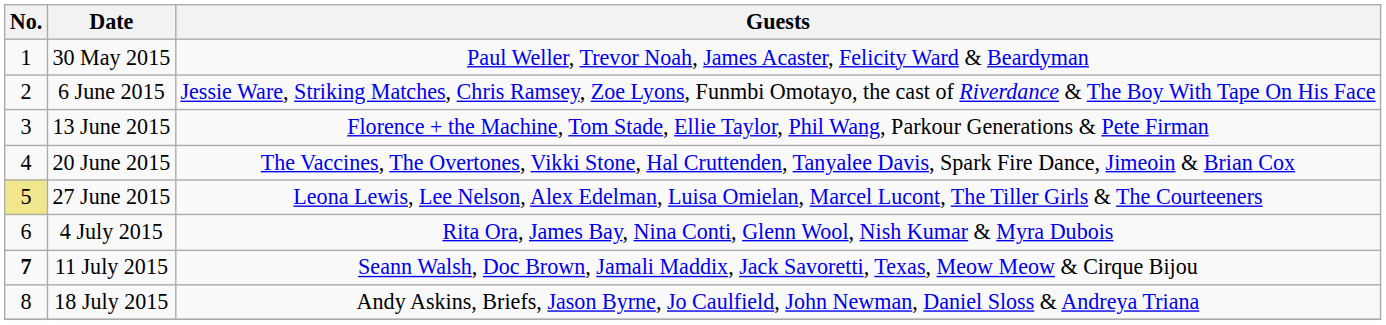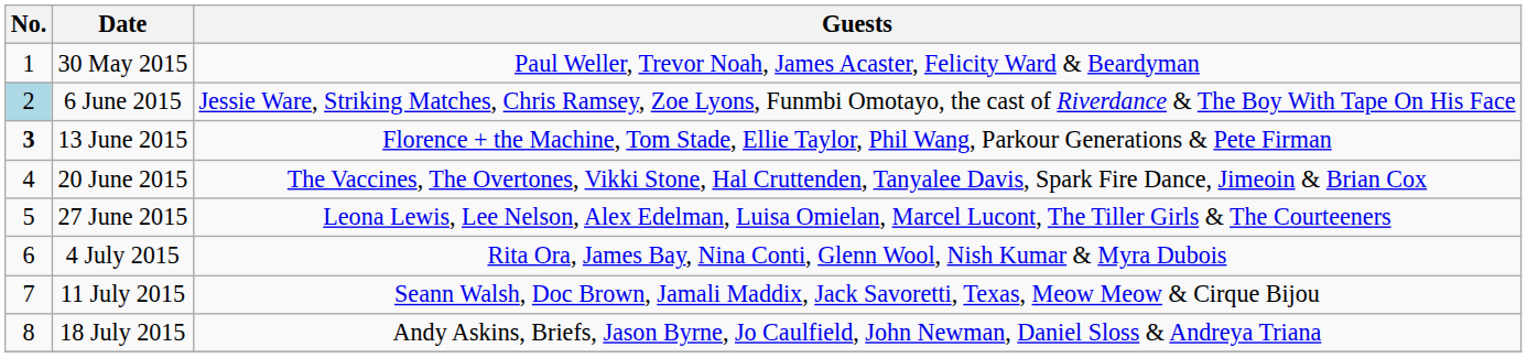 <table class="wikitable" style="text-align:center;">
 <tr>
 <th>No.</th>
 <th>Date</th>
 <th>Guests</th>
 </tr>
 <tr>
 <td>1</td>
 <td>30 May 2015</td>
 <td><a href='#'>Paul Weller</a>, <a href='#'>Trevor Noah</a>, <a href='#'>James Acaster</a>, <a href='#'>Felicity Ward</a> & <a href='#'>Beardyman</a></td>
 </tr>
 <tr>
-<td>2</td>
+<td style="background: lightblue;">2</td>
 <td>6 June 2015</td>
 <td><a href='#'>Jessie Ware</a>, <a href='#'>Striking Matches</a>, <a href='#'>Chris Ramsey</a>, <a href='#'>Zoe Lyons</a>, Funmbi Omotayo, the cast of <em><a href='#'>Riverdance</a></em> & <a href='#'>The Boy With Tape On His Face</a></td>
 </tr>
 <tr>
-<td>3</td>
+<td><strong>3</strong></td>
 <td>13 June 2015</td>
 <td><a href='#'>Florence + the Machine</a>, <a href='#'>Tom Stade</a>, <a href='#'>Ellie Taylor</a>, <a href='#'>Phil Wang</a>, Parkour Generations & <a href='#'>Pete Firman</a></td>
 </tr>
 <tr>
 <td>4</td>
 <td>20 June 2015</td>
 <td><a href='#'>The Vaccines</a>, <a href='#'>The Overtones</a>, <a href='#'>Vikki Stone</a>, <a href='#'>Hal Cruttenden</a>, <a href='#'>Tanyalee Davis</a>, Spark Fire Dance, <a href='#'>Jimeoin</a> & <a href='#'>Brian Cox</a></td>
 </tr>
 <tr>
-<td style="background: khaki;">5</td>
+<td>5</td>
 <td>27 June 2015</td>
 <td><a href='#'>Leona Lewis</a>, <a href='#'>Lee Nelson</a>, <a href='#'>Alex Edelman</a>, <a href='#'>Luisa Omielan</a>, <a href='#'>Marcel Lucont</a>, <a href='#'>The Tiller Girls</a> & <a href='#'>The Courteeners</a></td>
 </tr>
 <tr>
 <td>6</td>
 <td>4 July 2015</td>
 <td><a href='#'>Rita Ora</a>, <a href='#'>James Bay</a>, <a href='#'>Nina Conti</a>, <a href='#'>Glenn Wool</a>, <a href='#'>Nish Kumar</a> & <a href='#'>Myra Dubois</a></td>
 </tr>
 <tr>
-<td><strong>7</strong></td>
+<td>7</td>
 <td>11 July 2015</td>
 <td><a href='#'>Seann Walsh</a>, <a href='#'>Doc Brown</a>, <a href='#'>Jamali Maddix</a>, <a href='#'>Jack Savoretti</a>, <a href='#'>Texas</a>, <a href='#'>Meow Meow</a> & Cirque Bijou</td>
 </tr>
 <tr>
 <td>8</td>
 <td>18 July 2015</td>
 <td>Andy Askins, Briefs, <a href='#'>Jason Byrne</a>, <a href='#'>Jo Caulfield</a>, <a href='#'>John Newman</a>, <a href='#'>Daniel Sloss</a> & <a href='#'>Andreya Triana</a></td>
 </tr>
 <tr>
 </tr>
 </table>
